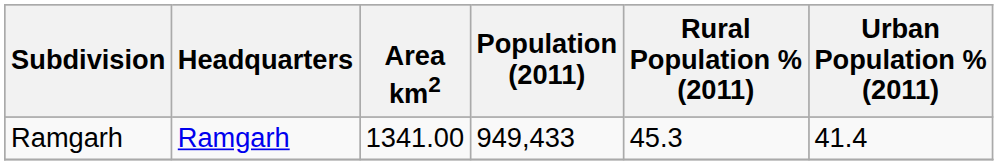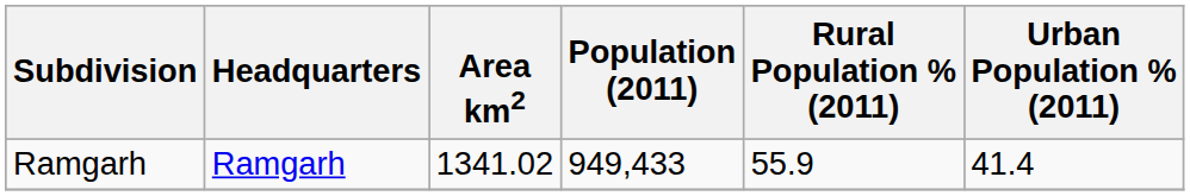 <table class="wikitable sortable">
 <tr>
 <th>Subdivision</th>
 <th>Headquarters</th>
 <th><br>Area<br>km<sup>2</sup></th>
 <th>Population<br>(2011)</th>
 <th>Rural<br>Population %<br>(2011)</th>
 <th>Urban<br> Population % <br>(2011)</th>
 </tr>
 <tr>
 <td>Ramgarh</td>
 <td><a href='#'>Ramgarh</a></td>
-<td>1341.00</td>
+<td>1341.02</td>
 <td>949,433</td>
-<td>45.3</td>
+<td>55.9</td>
 <td>41.4</td>
 </tr>
 <tr>
 </tr>
 </table>
